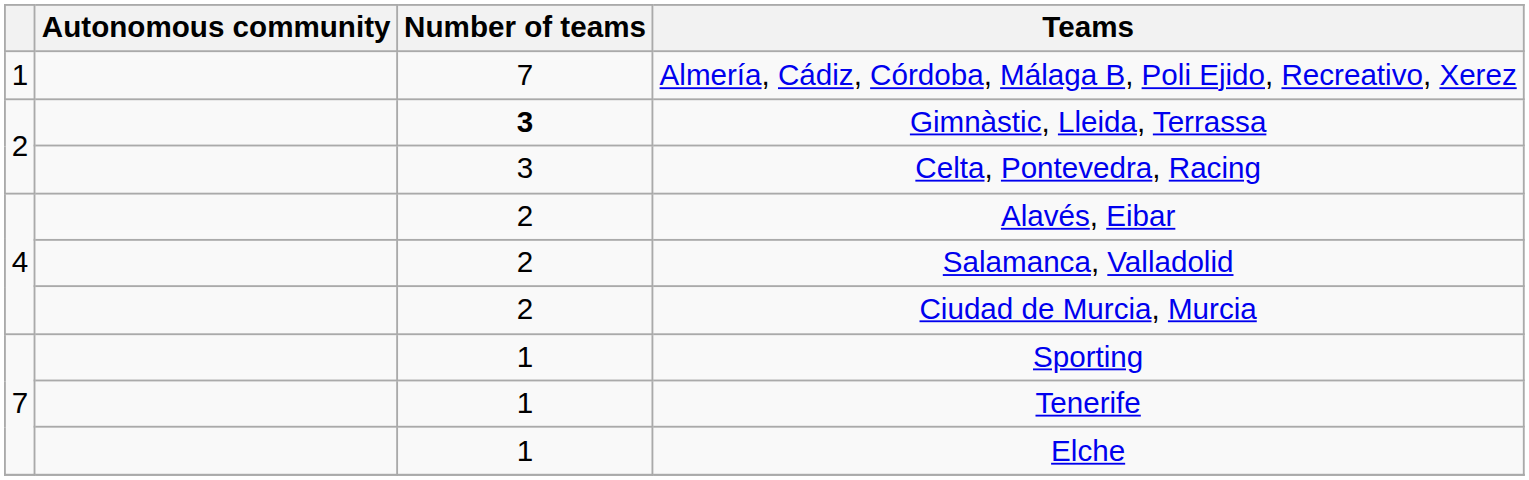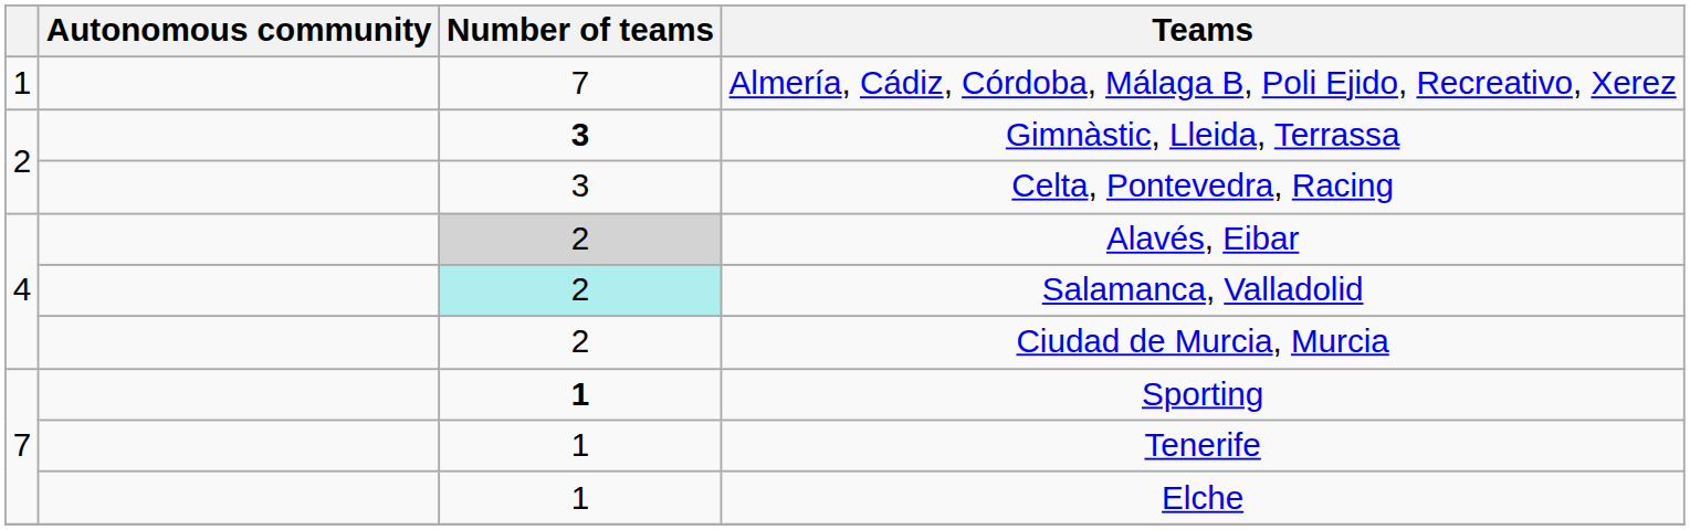 <table class="wikitable">
 <tr>
 <th></th>
 <th>Autonomous community</th>
 <th>Number of teams</th>
 <th>Teams</th>
 </tr>
 <tr>
 <td>1</td>
 <td></td>
 <td align=center>7</td>
 <td align=center><a href='#'>Almería</a>, <a href='#'>Cádiz</a>, <a href='#'>Córdoba</a>, <a href='#'>Málaga B</a>, <a href='#'>Poli Ejido</a>, <a href='#'>Recreativo</a>, <a href='#'>Xerez</a></td>
 </tr>
 <tr>
 <td rowspan=2>2</td>
 <td></td>
 <td align=center><strong>3</strong></td>
 <td align=center><a href='#'>Gimnàstic</a>, <a href='#'>Lleida</a>, <a href='#'>Terrassa</a></td>
 </tr>
 <tr>
 <td></td>
 <td align=center>3</td>
 <td align=center><a href='#'>Celta</a>, <a href='#'>Pontevedra</a>, <a href='#'>Racing</a></td>
 </tr>
 <tr>
 <td rowspan=3>4</td>
 <td></td>
-<td align=center>2</td>
+<td align=center style="background: lightgrey;">2</td>
 <td align=center><a href='#'>Alavés</a>, <a href='#'>Eibar</a></td>
 </tr>
 <tr>
 <td></td>
-<td align=center>2</td>
+<td align=center style="background: paleturquoise;">2</td>
 <td align=center><a href='#'>Salamanca</a>, <a href='#'>Valladolid</a></td>
 </tr>
 <tr>
 <td></td>
 <td align=center>2</td>
 <td align=center><a href='#'>Ciudad de Murcia</a>, <a href='#'>Murcia</a></td>
 </tr>
 <tr>
 <td rowspan=3>7</td>
 <td></td>
-<td align=center>1</td>
+<td align=center><strong>1</strong></td>
 <td align=center><a href='#'>Sporting</a></td>
 </tr>
 <tr>
 <td></td>
 <td align=center>1</td>
 <td align=center><a href='#'>Tenerife</a></td>
 </tr>
 <tr>
 <td></td>
 <td align=center>1</td>
 <td align=center><a href='#'>Elche</a></td>
 </tr>
 <tr>
 </tr>
 </table>
